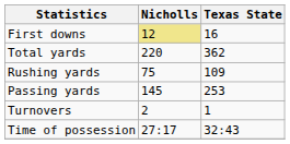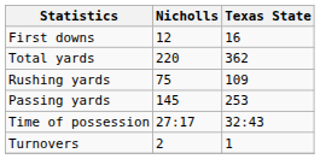 <table class="wikitable">
 <tr>
 <th>Statistics</th>
 <th>Nicholls</th>
 <th>Texas State</th>
 </tr>
 <tr>
 <td>First downs</td>
-<td style="background: khaki;">12</td>
+<td>12</td>
 <td>16</td>
 </tr>
 <tr>
 <td>Total yards</td>
 <td>220</td>
 <td>362</td>
 </tr>
 <tr>
 <td>Rushing yards</td>
 <td>75</td>
 <td>109</td>
 </tr>
 <tr>
 <td>Passing yards</td>
 <td>145</td>
 <td>253</td>
 </tr>
 <tr>
+<td>Time of possession</td>
+<td>27:17</td>
+<td>32:43</td>
+</tr>
+<tr>
 <td>Turnovers</td>
 <td>2</td>
 <td>1</td>
 </tr>
 <tr>
-<td>Time of possession</td>
-<td>27:17</td>
-<td>32:43</td>
-</tr>
-<tr>
 </tr>
 </table>
